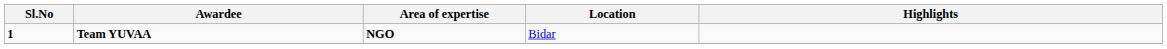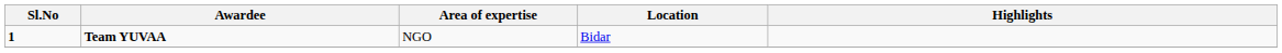 <table class="wikitable sortable"  width=95%>
 <tr>
 <th width=6%>Sl.No</th>
 <th width=25%>Awardee</th>
 <th width=14%>Area of expertise</th>
 <th width=15%>Location</th>
 <th width=40%>Highlights</th>
 </tr>
 <tr>
 <td><strong>1</strong></td>
 <td><strong>Team YUVAA</strong>  </td>
-<td><strong>NGO</strong></td>
+<td>NGO</td>
 <td><a href='#'>Bidar</a></td>
 <td></td>
 </tr>
 <tr>
 </tr>
 </table>
